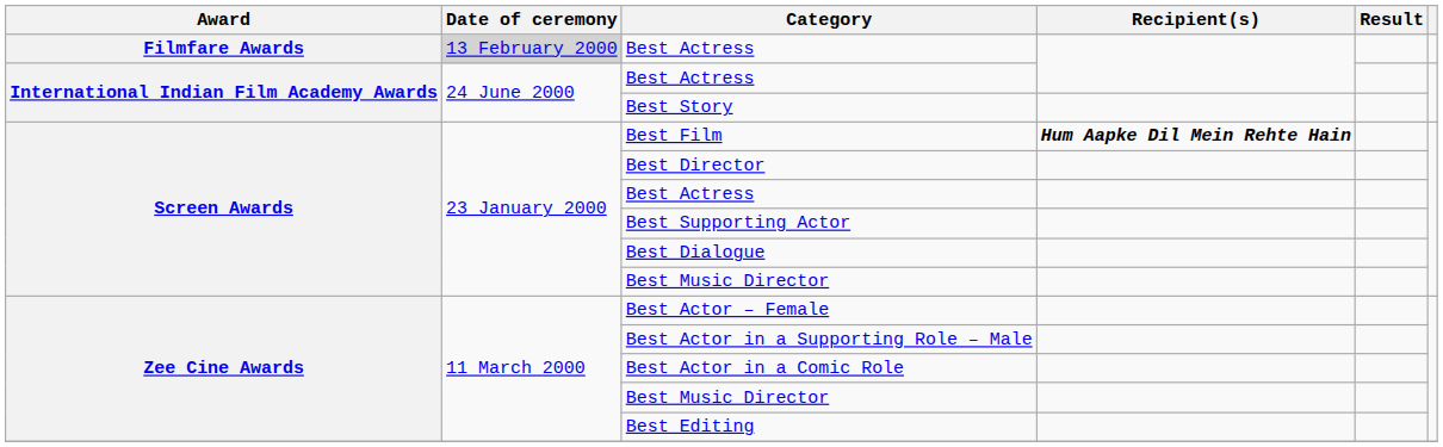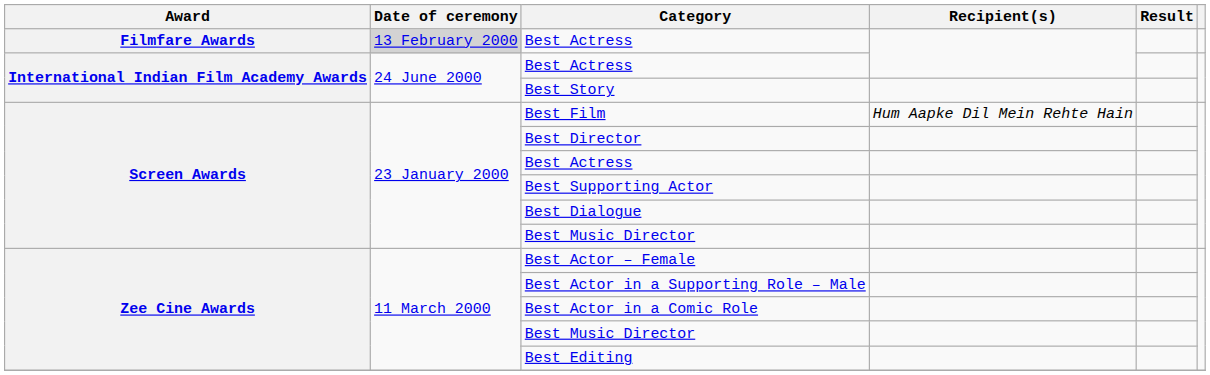 <table class="wikitable plainrowheaders sortable">
 <tr>
 <th scope="col">Award</th>
 <th scope="col">Date of ceremony</th>
 <th scope="col">Category</th>
 <th scope="col">Recipient(s)</th>
 <th scope="col">Result</th>
 <th scope="col" class="unsortable"></th>
 </tr>
 <tr>
 <th scope="row"><a href='#'>Filmfare Awards</a></th>
 <td style="background: lightgrey;"><a href='#'>13 February 2000</a></td>
 <td><a href='#'>Best Actress</a></td>
 <td rowspan="2"></td>
 <td></td>
 <td style="text-align:center;"><br></td>
 </tr>
 <tr>
 <th scope="row" rowspan="2"><a href='#'>International Indian Film Academy Awards</a></th>
 <td rowspan="2"><a href='#'>24 June 2000</a></td>
 <td><a href='#'>Best Actress</a></td>
 <td></td>
 <td style="text-align:center;" rowspan="2"><br></td>
 </tr>
 <tr>
 <td><a href='#'>Best Story</a></td>
 <td></td>
 <td></td>
 </tr>
 <tr>
 <th scope="row" rowspan="6"><a href='#'>Screen Awards</a></th>
 <td rowspan="6"><a href='#'>23 January 2000</a></td>
 <td><a href='#'>Best Film</a></td>
-<td><strong><em>Hum Aapke Dil Mein Rehte Hain</em></strong></td>
+<td><em>Hum Aapke Dil Mein Rehte Hain</em></td>
 <td></td>
 <td style="text-align:center;" rowspan="6"><br></td>
 </tr>
 <tr>
 <td><a href='#'>Best Director</a></td>
 <td></td>
 <td></td>
 </tr>
 <tr>
 <td><a href='#'>Best Actress</a></td>
 <td></td>
 <td></td>
 </tr>
 <tr>
 <td><a href='#'>Best Supporting Actor</a></td>
 <td></td>
 <td></td>
 </tr>
 <tr>
 <td><a href='#'>Best Dialogue</a></td>
 <td></td>
 <td></td>
 </tr>
 <tr>
 <td><a href='#'>Best Music Director</a></td>
 <td></td>
 <td></td>
 </tr>
 <tr>
 <th scope="row" rowspan="5"><a href='#'>Zee Cine Awards</a></th>
 <td rowspan="5"><a href='#'>11 March 2000</a></td>
 <td><a href='#'>Best Actor – Female</a></td>
 <td></td>
 <td></td>
 <td style="text-align:center;" rowspan="5"><br></td>
 </tr>
 <tr>
 <td><a href='#'>Best Actor in a Supporting Role – Male</a></td>
 <td></td>
 <td></td>
 </tr>
 <tr>
 <td><a href='#'>Best Actor in a Comic Role</a></td>
 <td></td>
 <td></td>
 </tr>
 <tr>
 <td><a href='#'>Best Music Director</a></td>
 <td></td>
 <td></td>
 </tr>
 <tr>
 <td><a href='#'>Best Editing</a></td>
 <td></td>
 <td></td>
 </tr>
 <tr>
 </tr>
 </table>
